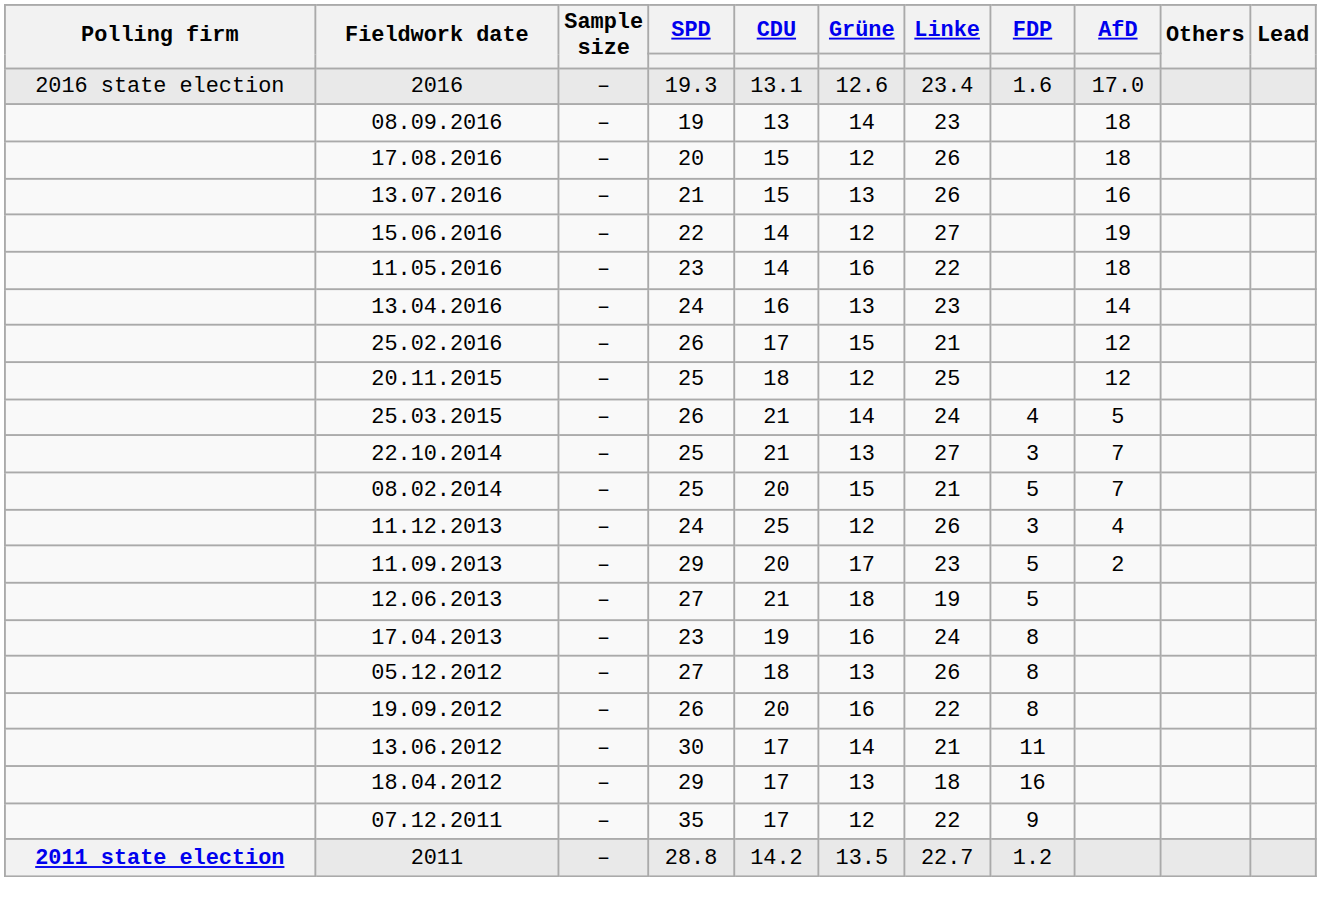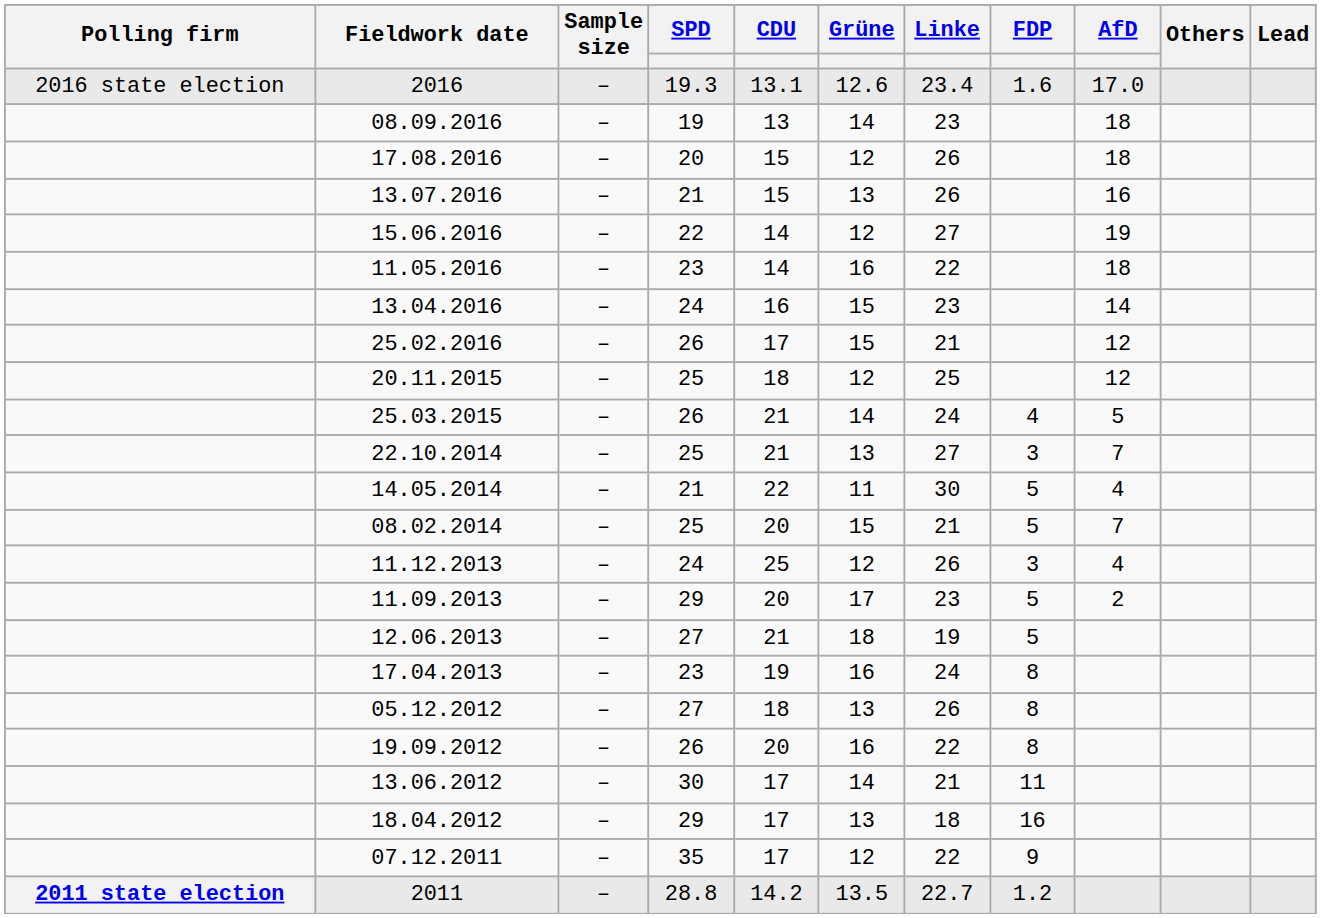 <table class="wikitable sortable" style="text-align:center;font-size:90%;line-height:14px;">
 <tr>
 <th rowspan="2" style="width:160px;">Polling firm</th>
 <th rowspan="2" style="width:125px;">Fieldwork date</th>
 <th rowspan="2" style="width:35px;">Sample<br>size</th>
 <th class="unsortable" style="width:40px;"><a href='#'>SPD</a></th>
 <th class="unsortable" style="width:40px;"><a href='#'>CDU</a></th>
 <th class="unsortable" style="width:40px;"><a href='#'>Grüne</a></th>
 <th class="unsortable" style="width:40px;"><a href='#'>Linke</a></th>
 <th class="unsortable" style="width:40px;"><a href='#'>FDP</a></th>
 <th class="unsortable" style="width:40px;"><a href='#'>AfD</a></th>
 <th rowspan="2" class="unsortable" style="width:40px;">Others</th>
 <th rowspan="2" style="width:30px;">Lead</th>
 </tr>
 <tr>
 <th style="background:"></th>
 <th style="background:"></th>
 <th style="background:"></th>
 <th style="background:"></th>
 <th style="background:"></th>
 <th style="background:"></th>
 </tr>
 <tr style="background:#E9E9E9;">
 <td>2016 state election</td>
 <td>2016</td>
 <td>–</td>
 <td>19.3</td>
 <td>13.1</td>
 <td>12.6</td>
 <td>23.4</td>
 <td>1.6</td>
 <td>17.0</td>
 <td></td>
 <td style="background:"></td>
 </tr>
 <tr>
 <td></td>
 <td data-sort-value="2023-02-02">08.09.2016</td>
 <td>–</td>
 <td>19</td>
 <td>13</td>
 <td>14</td>
 <td>23</td>
 <td></td>
 <td>18</td>
 <td></td>
 <td style="background:"></td>
 </tr>
 <tr>
 <td></td>
 <td data-sort-value="2023-02-02">17.08.2016</td>
 <td>–</td>
 <td>20</td>
 <td>15</td>
 <td>12</td>
 <td>26</td>
 <td></td>
 <td>18</td>
 <td></td>
 <td style="background:"></td>
 </tr>
 <tr>
 <td></td>
 <td data-sort-value="2023-02-02">13.07.2016</td>
 <td>–</td>
 <td>21</td>
 <td>15</td>
 <td>13</td>
 <td>26</td>
 <td></td>
 <td>16</td>
 <td></td>
 <td style="background:"></td>
 </tr>
 <tr>
 <td></td>
 <td data-sort-value="2023-02-02">15.06.2016</td>
 <td>–</td>
 <td>22</td>
 <td>14</td>
 <td>12</td>
 <td>27</td>
 <td></td>
 <td>19</td>
 <td></td>
 <td style="background:"></td>
 </tr>
 <tr>
 <td></td>
 <td data-sort-value="2023-02-02">11.05.2016</td>
 <td>–</td>
 <td>23</td>
 <td>14</td>
 <td>16</td>
 <td>22</td>
 <td></td>
 <td>18</td>
 <td></td>
 <td style="background:"></td>
 </tr>
 <tr>
 <td></td>
 <td data-sort-value="2023-02-02">13.04.2016</td>
 <td>–</td>
 <td>24</td>
 <td>16</td>
-<td>13</td>
+<td>15</td>
 <td>23</td>
 <td></td>
 <td>14</td>
 <td></td>
 <td style="background:"></td>
 </tr>
 <tr>
 <td></td>
 <td data-sort-value="2023-02-02">25.02.2016</td>
 <td>–</td>
 <td>26</td>
 <td>17</td>
 <td>15</td>
 <td>21</td>
 <td></td>
 <td>12</td>
 <td></td>
 <td style="background:"></td>
 </tr>
 <tr>
 <td></td>
 <td data-sort-value="2023-02-02">20.11.2015</td>
 <td>–</td>
 <td>25</td>
 <td>18</td>
 <td>12</td>
 <td>25</td>
 <td></td>
 <td>12</td>
 <td></td>
 <td></td>
 </tr>
 <tr>
 <td></td>
 <td data-sort-value="2023-02-02">25.03.2015</td>
 <td>–</td>
 <td>26</td>
 <td>21</td>
 <td>14</td>
 <td>24</td>
 <td>4</td>
 <td>5</td>
 <td></td>
 <td style="background:"></td>
 </tr>
 <tr>
 <td></td>
 <td data-sort-value="2023-02-02">22.10.2014</td>
 <td>–</td>
 <td>25</td>
 <td>21</td>
 <td>13</td>
 <td>27</td>
 <td>3</td>
 <td>7</td>
+<td></td>
+<td style="background:"></td>
+</tr>
+<tr>
+<td></td>
+<td data-sort-value="2023-02-02">14.05.2014</td>
+<td>–</td>
+<td>21</td>
+<td>22</td>
+<td>11</td>
+<td>30</td>
+<td>5</td>
+<td>4</td>
 <td></td>
 <td style="background:"></td>
 </tr>
 <tr>
 <td></td>
 <td data-sort-value="2023-02-02">08.02.2014</td>
 <td>–</td>
 <td>25</td>
 <td>20</td>
 <td>15</td>
 <td>21</td>
 <td>5</td>
 <td>7</td>
 <td></td>
 <td style="background:"></td>
 </tr>
 <tr>
 <td></td>
 <td data-sort-value="2023-02-02">11.12.2013</td>
 <td>–</td>
 <td>24</td>
 <td>25</td>
 <td>12</td>
 <td>26</td>
 <td>3</td>
 <td>4</td>
 <td></td>
 <td style="background:"></td>
 </tr>
 <tr>
 <td></td>
 <td data-sort-value="2023-02-02">11.09.2013</td>
 <td>–</td>
 <td>29</td>
 <td>20</td>
 <td>17</td>
 <td>23</td>
 <td>5</td>
 <td>2</td>
 <td></td>
 <td style="background:"></td>
 </tr>
 <tr>
 <td></td>
 <td data-sort-value="2023-02-02">12.06.2013</td>
 <td>–</td>
 <td>27</td>
 <td>21</td>
 <td>18</td>
 <td>19</td>
 <td>5</td>
 <td></td>
 <td></td>
 <td style="background:"></td>
 </tr>
 <tr>
 <td></td>
 <td data-sort-value="2023-02-02">17.04.2013</td>
 <td>–</td>
 <td>23</td>
 <td>19</td>
 <td>16</td>
 <td>24</td>
 <td>8</td>
 <td></td>
 <td></td>
 <td></td>
 </tr>
 <tr>
 <td></td>
 <td data-sort-value="2023-02-02">05.12.2012</td>
 <td>–</td>
 <td>27</td>
 <td>18</td>
 <td>13</td>
 <td>26</td>
 <td>8</td>
 <td></td>
 <td></td>
 <td style="background:"></td>
 </tr>
 <tr>
 <td></td>
 <td data-sort-value="2023-02-02">19.09.2012</td>
 <td>–</td>
 <td>26</td>
 <td>20</td>
 <td>16</td>
 <td>22</td>
 <td>8</td>
 <td></td>
 <td></td>
 <td style="background:"></td>
 </tr>
 <tr>
 <td></td>
 <td data-sort-value="2023-02-02">13.06.2012</td>
 <td>–</td>
 <td>30</td>
 <td>17</td>
 <td>14</td>
 <td>21</td>
 <td>11</td>
 <td></td>
 <td></td>
 <td style="background:"></td>
 </tr>
 <tr>
 <td></td>
 <td data-sort-value="2023-02-02">18.04.2012</td>
 <td>–</td>
 <td>29</td>
 <td>17</td>
 <td>13</td>
 <td>18</td>
 <td>16</td>
 <td></td>
 <td></td>
 <td style="background:"></td>
 </tr>
 <tr>
 <td></td>
 <td data-sort-value="2023-02-02">07.12.2011</td>
 <td>–</td>
 <td>35</td>
 <td>17</td>
 <td>12</td>
 <td>22</td>
 <td>9</td>
 <td></td>
 <td></td>
 <td style="background:"></td>
 </tr>
 <tr style="background:#E9E9E9;">
 <th><a href='#'>2011 state election</a></th>
 <td>2011</td>
 <td>–</td>
 <td>28.8</td>
 <td>14.2</td>
 <td>13.5</td>
 <td>22.7</td>
 <td>1.2</td>
 <td></td>
 <td></td>
 <td></td>
 </tr>
 </table>
